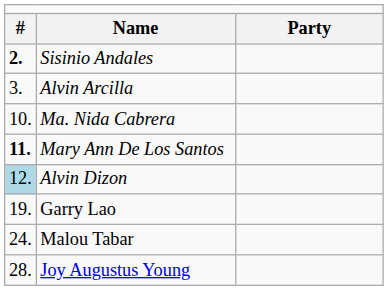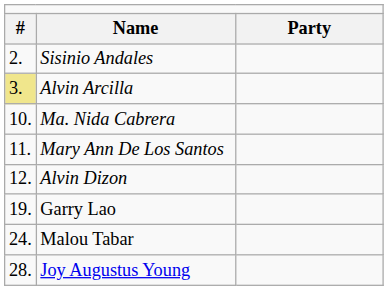 <table class=wikitable style="font-size:90%">
 <tr>
 <td colspan=4 bgcolor=></td>
 </tr>
 <tr>
 <th>#</th>
 <th width=150px>Name</th>
 <th colspan=2 width=110px>Party</th>
 </tr>
 <tr>
-<td><strong>2.</strong></td>
+<td>2.</td>
 <td><em>Sisinio Andales</em></td>
 <td></td>
 </tr>
 <tr>
-<td>3.</td>
+<td style="background: khaki;">3.</td>
 <td><em>Alvin Arcilla</em></td>
 <td></td>
 </tr>
 <tr>
 <td>10.</td>
 <td><em>Ma. Nida Cabrera</em></td>
 <td></td>
 </tr>
 <tr>
-<td><strong>11.</strong></td>
+<td>11.</td>
 <td><em>Mary Ann De Los Santos</em></td>
 <td></td>
 </tr>
 <tr>
-<td style="background: lightblue;">12.</td>
+<td>12.</td>
 <td><em>Alvin Dizon</em></td>
 <td></td>
 </tr>
 <tr>
 <td>19.</td>
 <td>Garry Lao</td>
 <td></td>
 </tr>
 <tr>
 <td>24.</td>
 <td>Malou Tabar</td>
 <td></td>
 </tr>
 <tr>
 <td>28.</td>
 <td><a href='#'>Joy Augustus Young</a></td>
 <td></td>
 </tr>
 </table>
